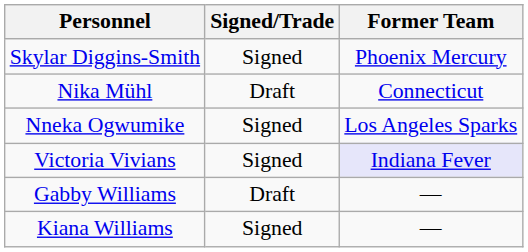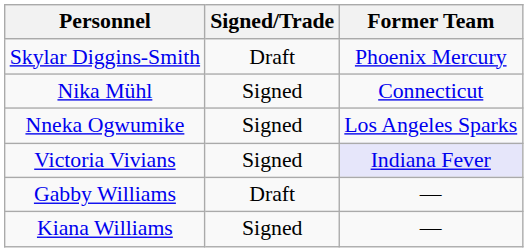 <table class="wikitable" style="text-align: center">
 <tr align="center" bgcolor="#dddddd">
 <th><strong>Personnel</strong></th>
 <th><strong>Signed/Trade</strong></th>
 <th><strong>Former Team</strong></th>
 </tr>
 <tr>
 <td><a href='#'>Skylar Diggins-Smith</a></td>
-<td>Signed</td>
+<td>Draft</td>
 <td><a href='#'>Phoenix Mercury</a></td>
 </tr>
 <tr>
 <td><a href='#'>Nika Mühl</a></td>
-<td>Draft</td>
+<td>Signed</td>
 <td><a href='#'>Connecticut</a></td>
 </tr>
 <tr>
 <td><a href='#'>Nneka Ogwumike</a></td>
 <td>Signed</td>
 <td><a href='#'>Los Angeles Sparks</a></td>
 </tr>
 <tr>
 <td><a href='#'>Victoria Vivians</a></td>
 <td>Signed</td>
 <td style="background: lavender;"><a href='#'>Indiana Fever</a></td>
 </tr>
 <tr>
 <td><a href='#'>Gabby Williams</a></td>
 <td>Draft</td>
 <td>—</td>
 </tr>
 <tr>
 <td><a href='#'>Kiana Williams</a></td>
 <td>Signed<br></td>
 <td>—</td>
 </tr>
 </table>
